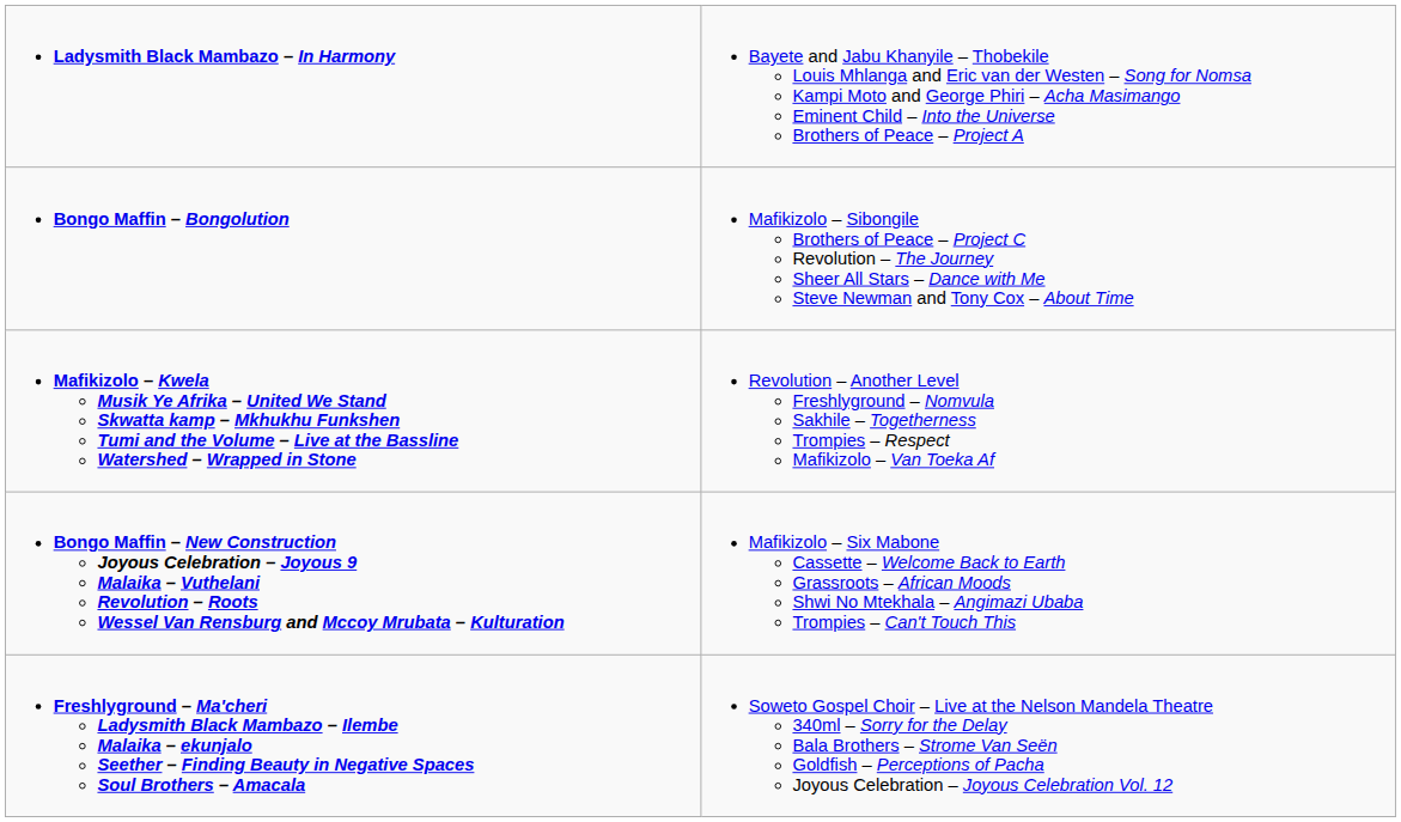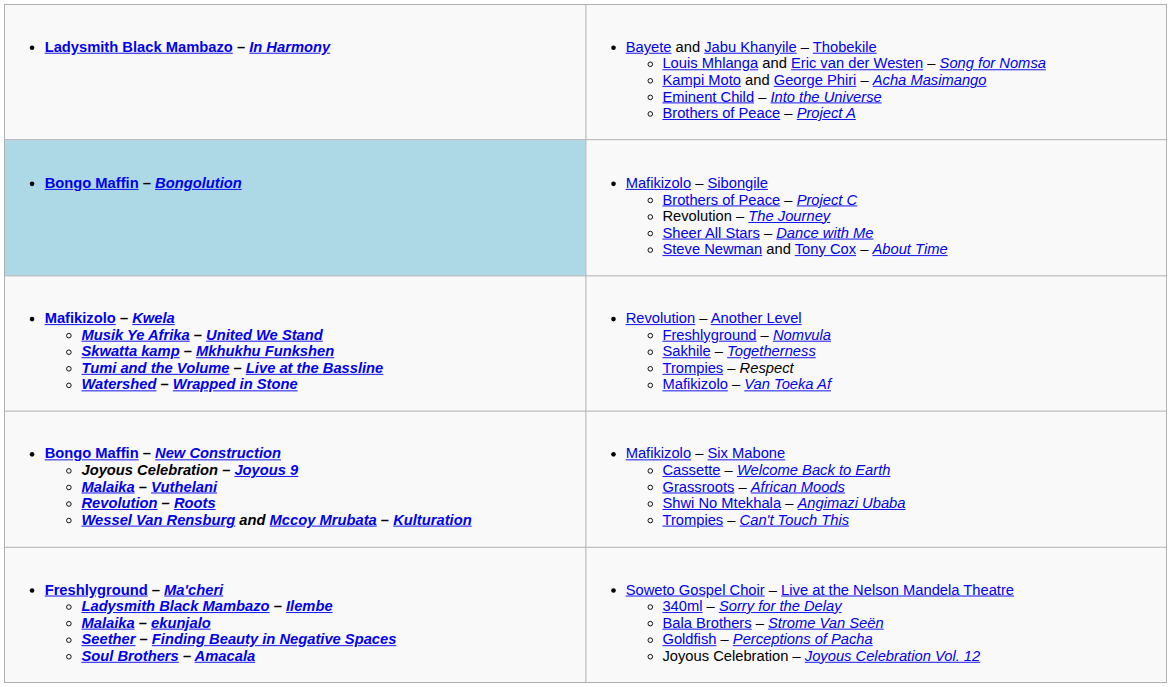 <table class="wikitable" style="width:100%;">
 <tr>
 <td style="vertical-align:top; width:50%;"><br><ul><li><strong><a href='#'>Ladysmith Black Mambazo</a> – <em><a href='#'>In Harmony</a><strong><em></li></ul></td>
 <td style="vertical-align:top; width:50%;"><br><ul><li></strong><a href='#'>Bayete</a> and <a href='#'>Jabu Khanyile</a> – </em><a href='#'>Thobekile</a></em></strong><ul><li><a href='#'>Louis Mhlanga</a> and <a href='#'>Eric van der Westen</a> – <em><a href='#'>Song for Nomsa</a></em></li><li><a href='#'>Kampi Moto</a> and <a href='#'>George Phiri</a> – <em><a href='#'>Acha Masimango</a></em></li><li><a href='#'>Eminent Child</a> – <em><a href='#'>Into the Universe</a></em></li><li><a href='#'>Brothers of Peace</a> – <em><a href='#'>Project A</a></em></li></ul></li></ul></td>
 </tr>
 <tr>
-<td style="vertical-align:top; width:50%;"><br><ul><li><strong><a href='#'>Bongo Maffin</a> – <em><a href='#'>Bongolution</a><strong><em></li></ul></td>
+<td style="background: lightblue; vertical-align:top; width:50%;"><br><ul><li><strong><a href='#'>Bongo Maffin</a> – <em><a href='#'>Bongolution</a><strong><em></li></ul></td>
 <td style="vertical-align:top; width:50%;"><br><ul><li></strong><a href='#'>Mafikizolo</a> – </em><a href='#'>Sibongile</a></em></strong><ul><li><a href='#'>Brothers of Peace</a> – <em><a href='#'>Project C</a></em></li><li>Revolution – <em><a href='#'>The Journey</a></em></li><li><a href='#'>Sheer All Stars</a> – <em><a href='#'>Dance with Me</a></em></li><li><a href='#'>Steve Newman</a> and <a href='#'>Tony Cox</a> – <em><a href='#'>About Time</a></em></li></ul></li></ul></td>
 </tr>
 <tr>
 <td style="vertical-align:top; width:50%;"><br><ul><li><strong><a href='#'>Mafikizolo</a> – <em><a href='#'>Kwela</a><strong><em><ul><li><a href='#'>Musik Ye Afrika</a> – </em><a href='#'>United We Stand</a><em></li><li><a href='#'>Skwatta kamp</a> – </em><a href='#'>Mkhukhu Funkshen</a><em></li><li><a href='#'>Tumi and the Volume</a> – </em><a href='#'>Live at the Bassline</a><em></li><li><a href='#'>Watershed</a> – </em><a href='#'>Wrapped in Stone</a><em></li></ul></li></ul></td>
 <td style="vertical-align:top; width:50%;"><br><ul><li></strong><a href='#'>Revolution</a> – </em><a href='#'>Another Level</a></em></strong><ul><li><a href='#'>Freshlyground</a> – <em><a href='#'>Nomvula</a></em></li><li><a href='#'>Sakhile</a> – <em><a href='#'>Togetherness</a></em></li><li><a href='#'>Trompies</a> – <em>Respect</em></li><li><a href='#'>Mafikizolo</a> – <em><a href='#'>Van Toeka Af</a></em></li></ul></li></ul></td>
 </tr>
 <tr>
 <td style="vertical-align:top; width:50%;"><br><ul><li><strong><a href='#'>Bongo Maffin</a> – <em><a href='#'>New Construction</a><strong><em><ul><li>Joyous Celebration – </em><a href='#'>Joyous 9</a><em></li><li><a href='#'>Malaika</a> – </em><a href='#'>Vuthelani</a><em></li><li><a href='#'>Revolution</a> – </em><a href='#'>Roots</a><em></li><li><a href='#'>Wessel Van Rensburg</a> and <a href='#'>Mccoy Mrubata</a> – </em><a href='#'>Kulturation</a><em></li></ul></li></ul></td>
 <td style="vertical-align:top; width:50%;"><br><ul><li></strong><a href='#'>Mafikizolo</a> – </em><a href='#'>Six Mabone</a></em></strong><ul><li><a href='#'>Cassette</a> – <em><a href='#'>Welcome Back to Earth</a></em></li><li><a href='#'>Grassroots</a> – <em><a href='#'>African Moods</a></em></li><li><a href='#'>Shwi No Mtekhala</a> – <em><a href='#'>Angimazi Ubaba</a></em></li><li><a href='#'>Trompies</a> – <em><a href='#'>Can't Touch This</a></em></li></ul></li></ul></td>
 </tr>
 <tr>
 <td style="vertical-align:top; width:50%;"><br><ul><li><strong><a href='#'>Freshlyground</a> – <em><a href='#'>Ma'cheri</a><strong><em><ul><li><a href='#'>Ladysmith Black Mambazo</a> – </em><a href='#'>Ilembe</a><em></li><li><a href='#'>Malaika</a> – </em><a href='#'>ekunjalo</a><em></li><li><a href='#'>Seether</a> – </em><a href='#'>Finding Beauty in Negative Spaces</a><em></li><li><a href='#'>Soul Brothers</a> – </em><a href='#'>Amacala</a><em></li></ul></li></ul></td>
 <td style="vertical-align:top; width:50%;"><br><ul><li></strong><a href='#'>Soweto Gospel Choir</a> – </em><a href='#'>Live at the Nelson Mandela Theatre</a></em></strong><ul><li><a href='#'>340ml</a> – <em><a href='#'>Sorry for the Delay</a></em></li><li><a href='#'>Bala Brothers</a> – <em><a href='#'>Strome Van Seën</a></em></li><li><a href='#'>Goldfish</a> – <em><a href='#'>Perceptions of Pacha</a></em></li><li>Joyous Celebration – <em><a href='#'>Joyous Celebration Vol. 12</a></em></li></ul></li></ul></td>
 </tr>
 </table>
